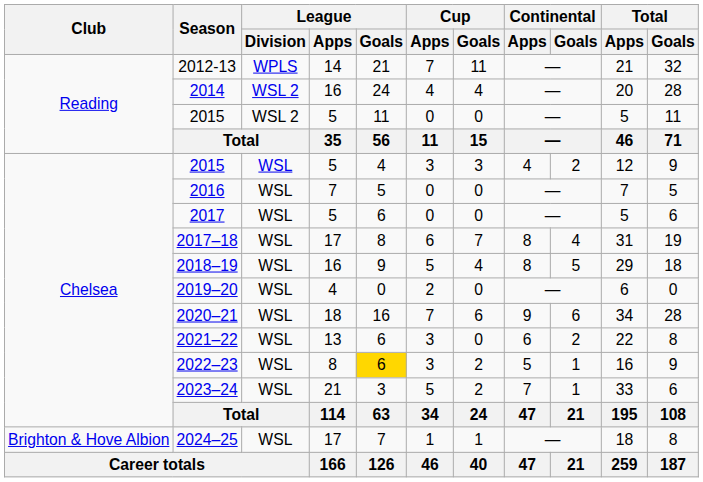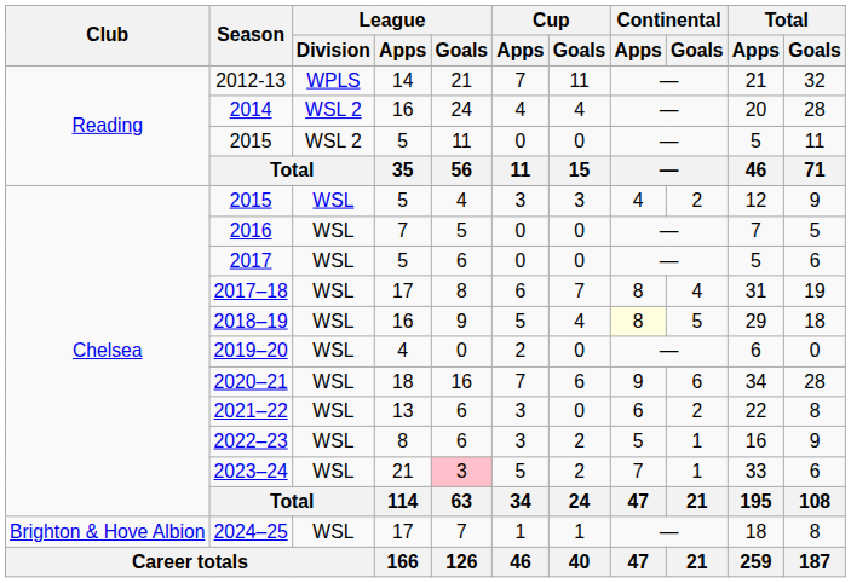 <table class="wikitable" style="text-align:center">
 <tr>
 <th rowspan="2">Club</th>
 <th rowspan="2">Season</th>
 <th colspan="3">League</th>
 <th colspan="2">Cup</th>
 <th colspan="2">Continental</th>
 <th colspan="2">Total</th>
 </tr>
 <tr>
 <th>Division</th>
 <th>Apps</th>
 <th>Goals</th>
 <th>Apps</th>
 <th>Goals</th>
 <th>Apps</th>
 <th>Goals</th>
 <th>Apps</th>
 <th>Goals</th>
 </tr>
 <tr>
 <td rowspan="4"><a href='#'>Reading</a></td>
 <td>2012-13</td>
 <td><a href='#'>WPLS</a></td>
 <td>14</td>
 <td>21</td>
 <td>7</td>
 <td>11</td>
 <td colspan="2">—</td>
 <td>21</td>
 <td>32</td>
 </tr>
 <tr>
 <td><a href='#'>2014</a></td>
 <td><a href='#'>WSL 2</a></td>
 <td>16</td>
 <td>24</td>
 <td>4</td>
 <td>4</td>
 <td colspan="2">—</td>
 <td>20</td>
 <td>28</td>
 </tr>
 <tr>
 <td>2015</td>
 <td>WSL 2</td>
 <td>5</td>
 <td>11</td>
 <td>0</td>
 <td>0</td>
 <td colspan="2">—</td>
 <td>5</td>
 <td>11</td>
 </tr>
 <tr>
 <th colspan="2">Total</th>
 <th>35</th>
 <th>56</th>
 <th>11</th>
 <th>15</th>
 <th colspan="2">—</th>
 <th>46</th>
 <th>71</th>
 </tr>
 <tr>
 <td rowspan=11><a href='#'>Chelsea</a></td>
 <td><a href='#'>2015</a></td>
 <td><a href='#'>WSL</a></td>
 <td>5</td>
 <td>4</td>
 <td>3</td>
 <td>3</td>
 <td>4</td>
 <td>2</td>
 <td>12</td>
 <td>9</td>
 </tr>
 <tr>
 <td><a href='#'>2016</a></td>
 <td>WSL</td>
 <td>7</td>
 <td>5</td>
 <td>0</td>
 <td>0</td>
 <td colspan=2>—</td>
 <td>7</td>
 <td>5</td>
 </tr>
 <tr>
 <td><a href='#'>2017</a></td>
 <td>WSL</td>
 <td>5</td>
 <td>6</td>
 <td>0</td>
 <td>0</td>
 <td colspan=2>—</td>
 <td>5</td>
 <td>6</td>
 </tr>
 <tr>
 <td><a href='#'>2017–18</a></td>
 <td>WSL</td>
 <td>17</td>
 <td>8</td>
 <td>6</td>
 <td>7</td>
 <td>8</td>
 <td>4</td>
 <td>31</td>
 <td>19</td>
 </tr>
 <tr>
 <td><a href='#'>2018–19</a></td>
 <td>WSL</td>
 <td>16</td>
 <td>9</td>
 <td>5</td>
 <td>4</td>
-<td>8</td>
+<td style="background: lightyellow;">8</td>
 <td>5</td>
 <td>29</td>
 <td>18</td>
 </tr>
 <tr>
 <td><a href='#'>2019–20</a></td>
 <td>WSL</td>
 <td>4</td>
 <td>0</td>
 <td>2</td>
 <td>0</td>
 <td colspan=2>—</td>
 <td>6</td>
 <td>0</td>
 </tr>
 <tr>
 <td><a href='#'>2020–21</a></td>
 <td>WSL</td>
 <td>18</td>
 <td>16</td>
 <td>7</td>
 <td>6</td>
 <td>9</td>
 <td>6</td>
 <td>34</td>
 <td>28</td>
 </tr>
 <tr>
 <td><a href='#'>2021–22</a></td>
 <td>WSL</td>
 <td>13</td>
 <td>6</td>
 <td>3</td>
 <td>0</td>
 <td>6</td>
 <td>2</td>
 <td>22</td>
 <td>8</td>
 </tr>
 <tr>
 <td><a href='#'>2022–23</a></td>
 <td>WSL</td>
 <td>8</td>
-<td style="background: gold;">6</td>
+<td>6</td>
 <td>3</td>
 <td>2</td>
 <td>5</td>
 <td>1</td>
 <td>16</td>
 <td>9</td>
 </tr>
 <tr>
 <td><a href='#'>2023–24</a></td>
 <td>WSL</td>
 <td>21</td>
-<td>3</td>
+<td style="background: pink;">3</td>
 <td>5</td>
 <td>2</td>
 <td>7</td>
 <td>1</td>
 <td>33</td>
 <td>6</td>
 </tr>
 <tr>
 <th colspan=2>Total</th>
 <th>114</th>
 <th>63</th>
 <th>34</th>
 <th>24</th>
 <th>47</th>
 <th>21</th>
 <th>195</th>
 <th>108</th>
 </tr>
 <tr>
 <td><a href='#'>Brighton & Hove Albion</a></td>
 <td><a href='#'>2024–25</a></td>
 <td>WSL</td>
 <td>17</td>
 <td>7</td>
 <td>1</td>
 <td>1</td>
 <td colspan=2>—</td>
 <td>18</td>
 <td>8</td>
 </tr>
 <tr>
 <th colspan=3>Career totals</th>
 <th>166</th>
 <th>126</th>
 <th>46</th>
 <th>40</th>
 <th>47</th>
 <th>21</th>
 <th>259</th>
 <th>187</th>
 </tr>
 </table>
